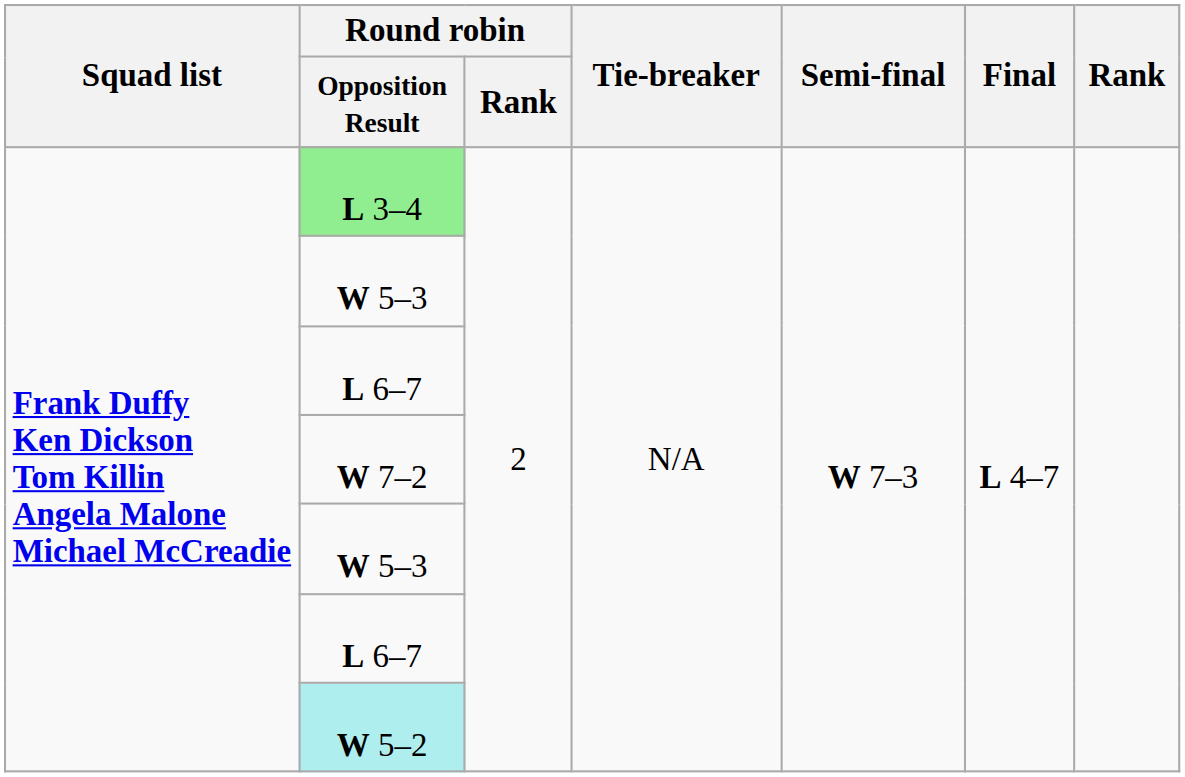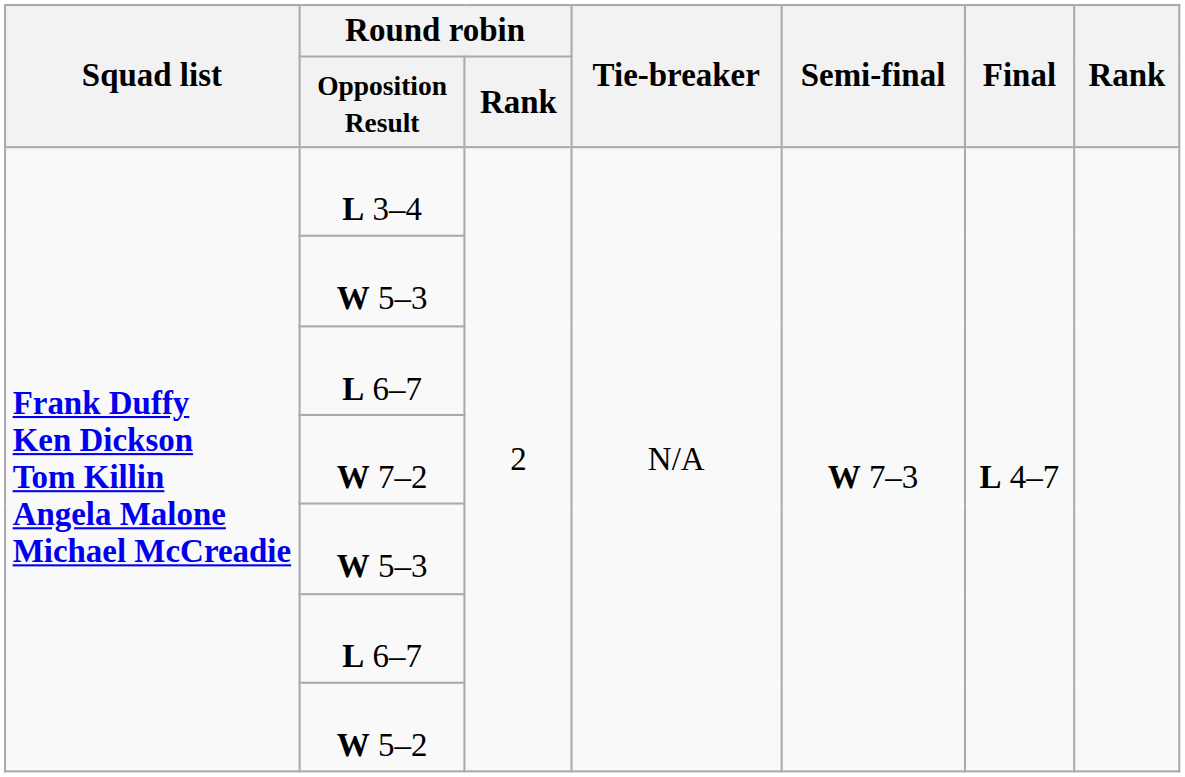 <table class="wikitable" style="text-align:left; font-size:100%">
 <tr>
 <th rowspan="2" width="25%">Squad list</th>
 <th colspan="2">Round robin</th>
 <th rowspan="2">Tie-breaker</th>
 <th rowspan="2">Semi-final</th>
 <th rowspan="2">Final</th>
 <th rowspan="2">Rank</th>
 </tr>
 <tr>
 <th><small>Opposition<br>Result</small></th>
 <th>Rank</th>
 </tr>
 <tr>
 <td rowspan="7"><br><strong><a href='#'>Frank Duffy</a><br><a href='#'>Ken Dickson</a><br><a href='#'>Tom Killin</a><br><a href='#'>Angela Malone</a><br><a href='#'>Michael McCreadie</a></strong></td>
-<td align=center style="background: lightgreen;"><br><strong>L</strong> 3–4<br></td>
+<td align=center><br><strong>L</strong> 3–4<br></td>
 <td rowspan="7" align=center>2</td>
 <td rowspan="7" align=center>N/A</td>
 <td rowspan="7" align=center><br><strong>W</strong> 7–3</td>
 <td rowspan="7" align=center><br><strong>L</strong> 4–7</td>
 <td rowspan="7" align=center></td>
 </tr>
 <tr>
 <td align=center><br><strong>W</strong> 5–3<br></td>
 </tr>
 <tr>
 <td align=center><br><strong>L</strong> 6–7<br></td>
 </tr>
 <tr>
 <td align=center><br><strong>W</strong> 7–2<br></td>
 </tr>
 <tr>
 <td align=center><br><strong>W</strong> 5–3<br></td>
 </tr>
 <tr>
 <td align=center><br><strong>L</strong> 6–7<br></td>
 </tr>
 <tr>
-<td align=center style="background: paleturquoise;"><br><strong>W</strong> 5–2<br></td>
+<td align=center><br><strong>W</strong> 5–2<br></td>
 </tr>
 </table>
